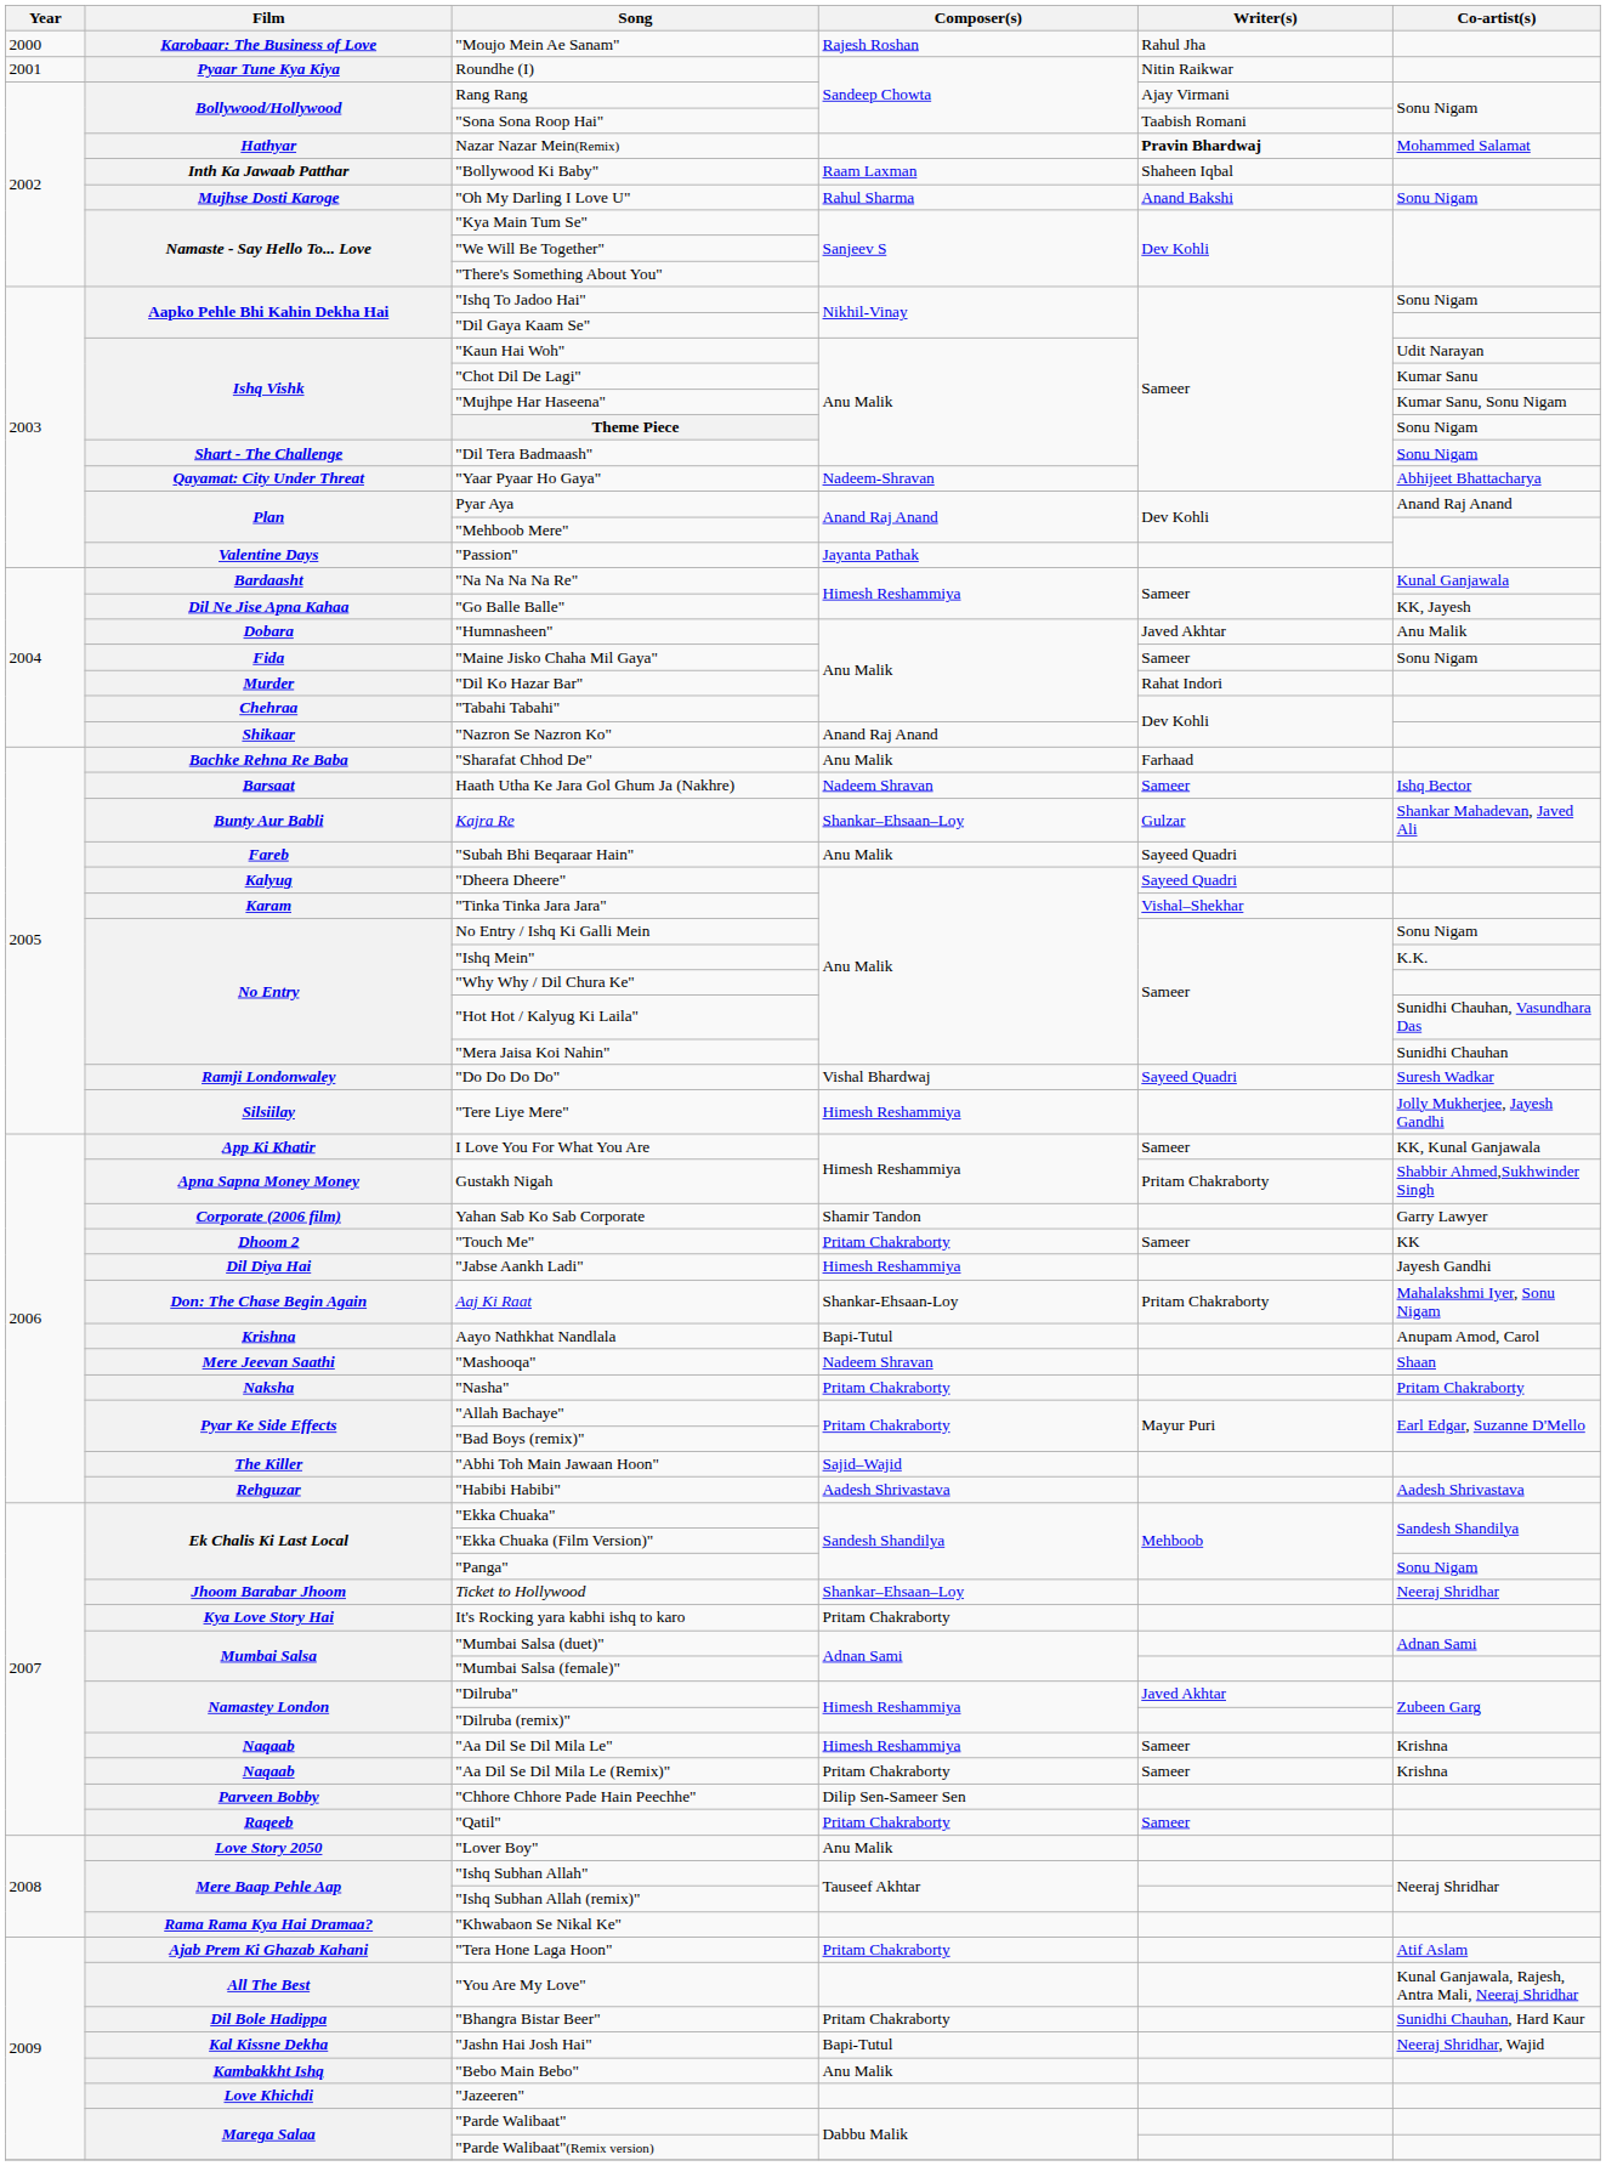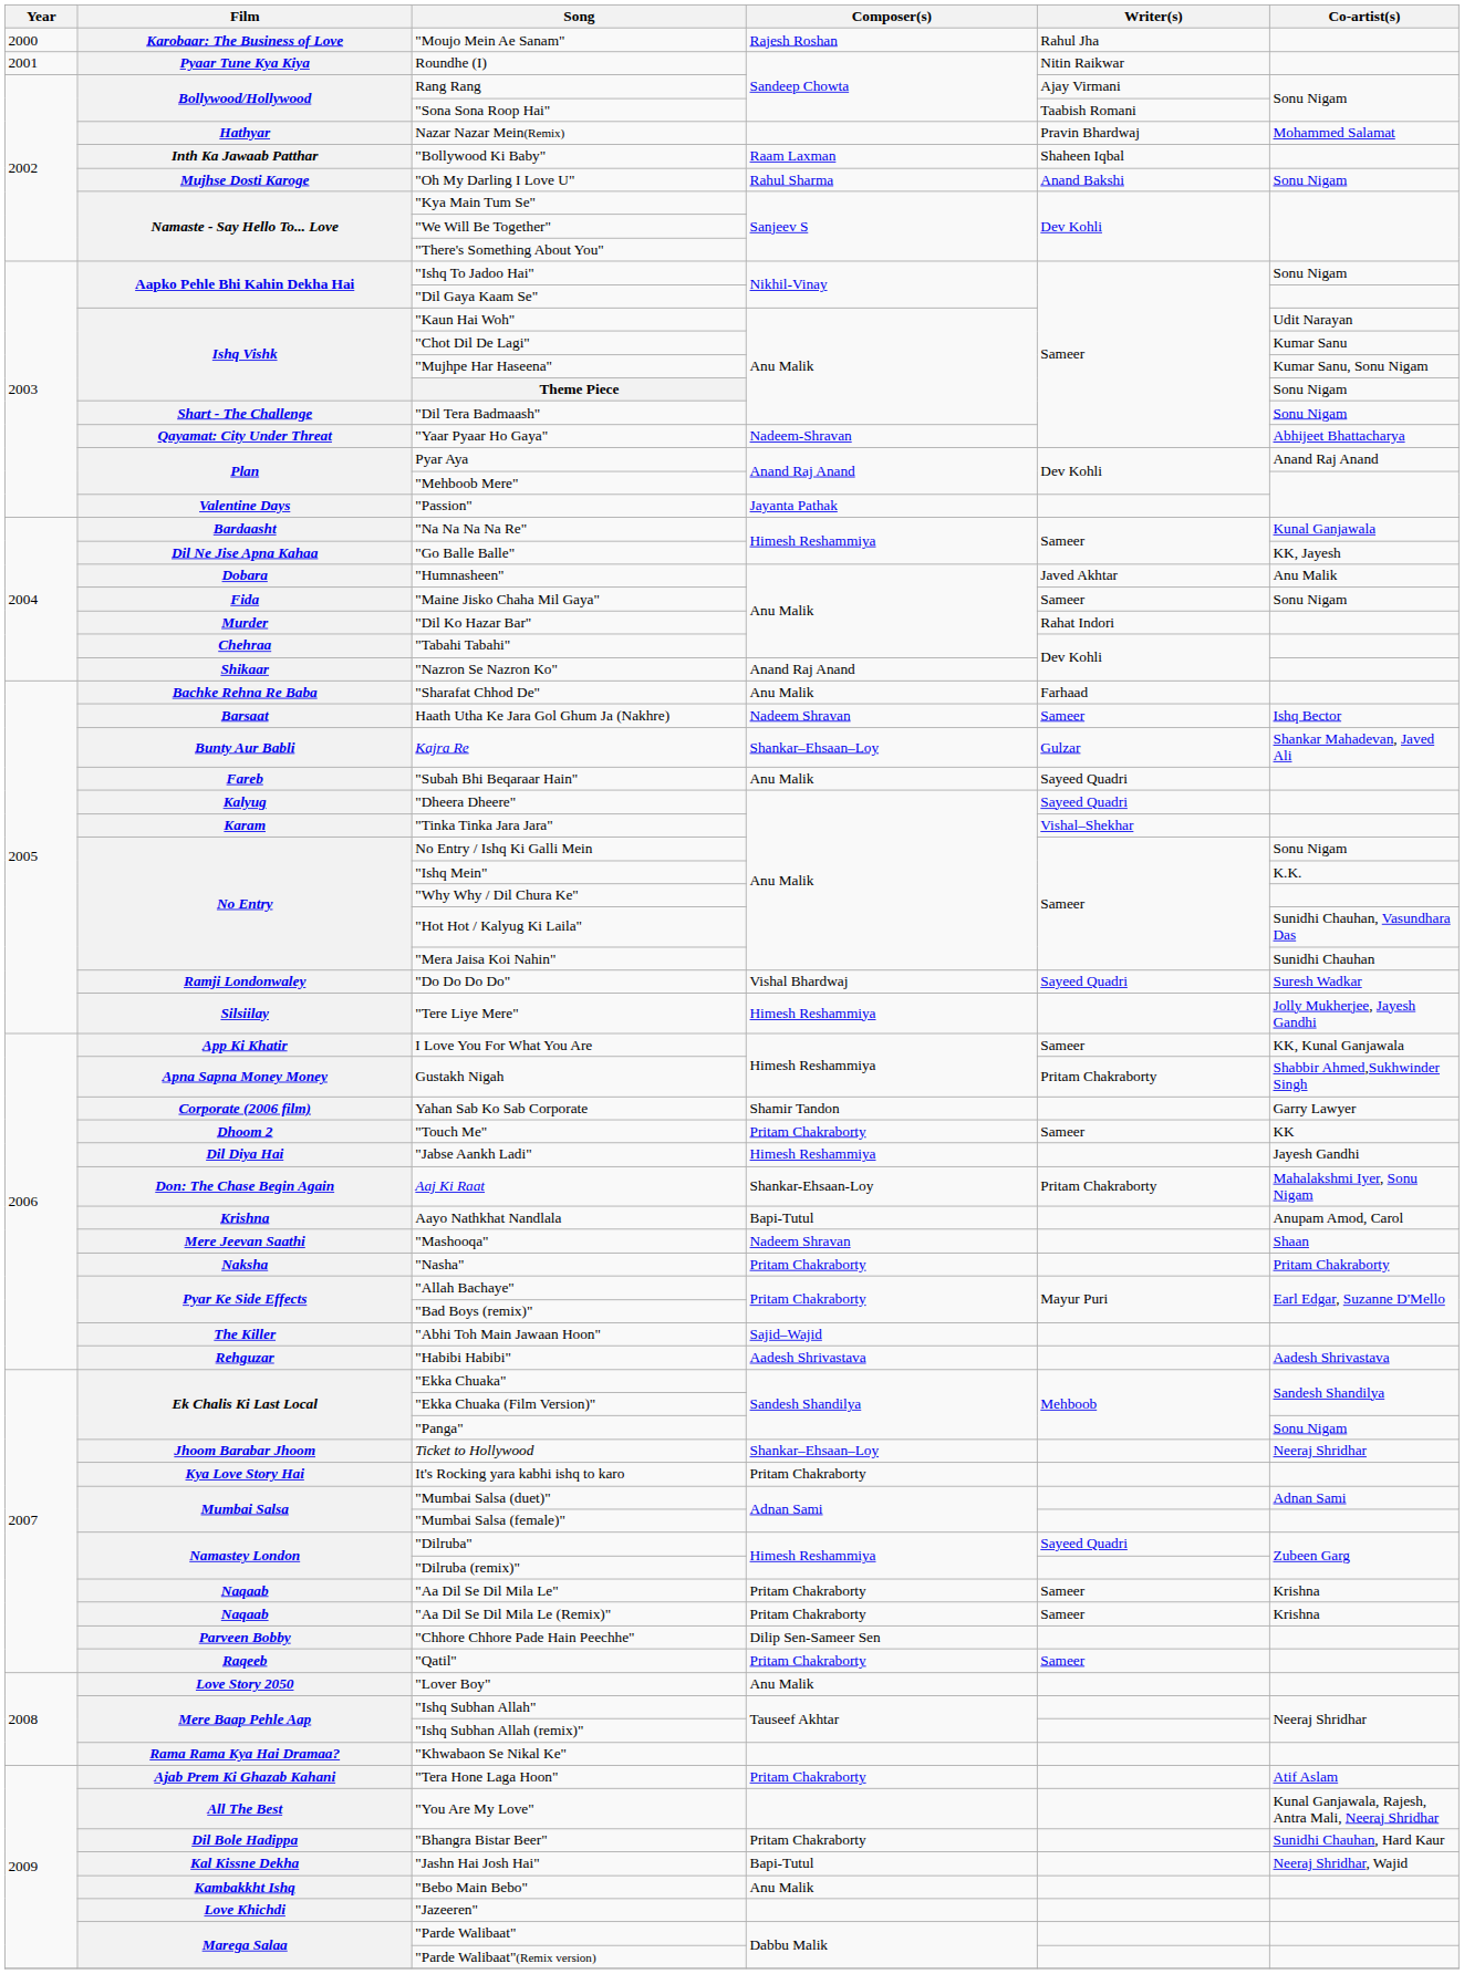 <table class="wikitable sortable mw-collapsible mw-collapsed plainrowheaders" width="100%" textcolor:#000;">
 <tr style="background:#b0e0e66;">
 <th scope="col" width=5%><strong>Year</strong></th>
 <th scope="col" width=23%><strong>Film</strong></th>
 <th scope="col" width=23%><strong>Song</strong></th>
 <th scope="col" width=20%><strong>Composer(s)</strong></th>
 <th scope="col" width=16%><strong>Writer(s)</strong></th>
 <th scope="col" width=18%><strong>Co-artist(s)</strong></th>
 </tr>
 <tr>
 <td>2000</td>
 <th scope="row"><em><a href='#'>Karobaar: The Business of Love</a></em></th>
 <td>"Moujo Mein Ae Sanam"</td>
 <td><a href='#'>Rajesh Roshan</a></td>
 <td>Rahul Jha</td>
 <td></td>
 </tr>
 <tr>
 <td>2001</td>
 <th scope="row"><em><a href='#'>Pyaar Tune Kya Kiya</a></em></th>
 <td>Roundhe (I)</td>
 <td rowspan="3"><a href='#'>Sandeep Chowta</a></td>
 <td>Nitin Raikwar</td>
 <td></td>
 </tr>
 <tr>
 <td rowspan="8">2002</td>
 <th scope="row" rowspan="2"><em><a href='#'>Bollywood/Hollywood</a></em></th>
 <td>Rang Rang</td>
 <td>Ajay Virmani</td>
 <td rowspan="2">Sonu Nigam</td>
 </tr>
 <tr>
 <td>"Sona Sona Roop Hai"</td>
 <td>Taabish Romani</td>
 </tr>
 <tr>
 <th scope="row"><em><a href='#'>Hathyar</a></em></th>
 <td>Nazar Nazar Mein<small>(Remix)</small></td>
 <td></td>
-<td><strong>Pravin Bhardwaj</strong></td>
+<td>Pravin Bhardwaj</td>
 <td><a href='#'>Mohammed Salamat</a></td>
 </tr>
 <tr>
 <th scope="row"><em>Inth Ka Jawaab Patthar</em></th>
 <td>"Bollywood Ki Baby"</td>
 <td><a href='#'>Raam Laxman</a></td>
 <td>Shaheen Iqbal</td>
 <td></td>
 </tr>
 <tr>
 <th scope="row"><em><a href='#'>Mujhse Dosti Karoge</a></em></th>
 <td>"Oh My Darling I Love U"</td>
 <td><a href='#'>Rahul Sharma</a></td>
 <td><a href='#'>Anand Bakshi</a></td>
 <td><a href='#'>Sonu Nigam</a></td>
 </tr>
 <tr>
 <th scope="row" rowspan="3"><em>Namaste - Say Hello To... Love</em></th>
 <td>"Kya Main Tum Se"</td>
 <td rowspan="3"><a href='#'>Sanjeev S</a></td>
 <td rowspan="3"><a href='#'>Dev Kohli</a></td>
 <td rowspan="3"></td>
 </tr>
 <tr>
 <td>"We Will Be Together"</td>
 </tr>
 <tr>
 <td>"There's Something About You"</td>
 </tr>
 <tr>
 <td rowspan="11">2003</td>
 <th rowspan="2" scope="row"><a href='#'>Aapko Pehle Bhi Kahin Dekha Hai</a></th>
 <td>"Ishq To Jadoo Hai"</td>
 <td rowspan="2"><a href='#'>Nikhil-Vinay</a></td>
 <td rowspan="8">Sameer</td>
 <td>Sonu Nigam</td>
 </tr>
 <tr>
 <td>"Dil Gaya Kaam Se"</td>
 <td></td>
 </tr>
 <tr>
 <th rowspan="4" scope="row"><em><a href='#'>Ishq Vishk</a></em></th>
 <td>"Kaun Hai Woh"</td>
 <td rowspan="5">Anu Malik</td>
 <td>Udit Narayan</td>
 </tr>
 <tr>
 <td>"Chot Dil De Lagi"</td>
 <td rowspan="1">Kumar  Sanu</td>
 </tr>
 <tr>
 <td>"Mujhpe Har Haseena"</td>
 <td rowspan="1">Kumar Sanu, Sonu Nigam</td>
 </tr>
 <tr>
 <th>Theme Piece</th>
 <td>Sonu Nigam</td>
 </tr>
 <tr>
 <th scope="row"><em><a href='#'>Shart - The Challenge</a></em></th>
 <td>"Dil Tera Badmaash"</td>
 <td><a href='#'>Sonu Nigam</a></td>
 </tr>
 <tr>
 <th scope="row" rowspan="1"><em><a href='#'>Qayamat: City Under Threat</a></em></th>
 <td>"Yaar Pyaar Ho Gaya"</td>
 <td><a href='#'>Nadeem-Shravan</a></td>
 <td rowspan="1"><a href='#'>Abhijeet Bhattacharya</a></td>
 </tr>
 <tr>
 <th rowspan="2" scope="row"><em><a href='#'>Plan</a></em></th>
 <td>Pyar Aya</td>
 <td rowspan="2"><a href='#'>Anand Raj Anand</a></td>
 <td rowspan="2">Dev Kohli</td>
 <td>Anand Raj Anand</td>
 </tr>
 <tr>
 <td>"Mehboob Mere"</td>
 <td rowspan="2"></td>
 </tr>
 <tr>
 <th rowspan="1" scope="row"><em><a href='#'>Valentine Days</a></em></th>
 <td>"Passion"</td>
 <td><a href='#'>Jayanta Pathak</a></td>
 <td></td>
 </tr>
 <tr>
 <td rowspan="7">2004</td>
 <th scope="row"><em><a href='#'>Bardaasht</a></em></th>
 <td>"Na Na Na Na Re"</td>
 <td rowspan="2"><a href='#'>Himesh Reshammiya</a></td>
 <td rowspan="2">Sameer</td>
 <td><a href='#'>Kunal Ganjawala</a></td>
 </tr>
 <tr>
 <th scope="row"><em><a href='#'>Dil Ne Jise Apna Kahaa</a></em></th>
 <td>"Go Balle Balle"</td>
 <td>KK, Jayesh</td>
 </tr>
 <tr>
 <th scope="row"><em><a href='#'>Dobara</a></em></th>
 <td>"Humnasheen"</td>
 <td rowspan="4">Anu Malik</td>
 <td>Javed Akhtar</td>
 <td>Anu Malik</td>
 </tr>
 <tr>
 <th scope="row"><em><a href='#'>Fida</a></em></th>
 <td>"Maine Jisko Chaha Mil Gaya"</td>
 <td>Sameer</td>
 <td>Sonu Nigam</td>
 </tr>
 <tr>
 <th scope="row"><em><a href='#'>Murder</a></em></th>
 <td>"Dil Ko Hazar Bar"</td>
 <td>Rahat Indori</td>
 <td></td>
 </tr>
 <tr>
 <th scope="row"><em><a href='#'>Chehraa</a></em></th>
 <td>"Tabahi Tabahi"</td>
 <td rowspan="2">Dev Kohli</td>
 <td></td>
 </tr>
 <tr>
 <th scope="row"><em><a href='#'>Shikaar</a></em></th>
 <td>"Nazron Se Nazron Ko"</td>
 <td>Anand Raj Anand</td>
 <td></td>
 </tr>
 <tr>
 <td rowspan="13">2005</td>
 <th scope="row"><em><a href='#'>Bachke Rehna Re Baba</a></em></th>
 <td>"Sharafat Chhod De"</td>
 <td>Anu Malik</td>
 <td>Farhaad</td>
 <td></td>
 </tr>
 <tr>
 <th scope="row"><em><a href='#'>Barsaat</a></em></th>
 <td>Haath Utha Ke Jara Gol Ghum Ja (Nakhre)</td>
 <td><a href='#'>Nadeem Shravan</a></td>
 <td><a href='#'>Sameer</a></td>
 <td><a href='#'>Ishq Bector</a></td>
 </tr>
 <tr>
 <th scope="row"><em><a href='#'>Bunty Aur Babli</a></em></th>
 <td><em><a href='#'>Kajra Re</a></em></td>
 <td><a href='#'>Shankar–Ehsaan–Loy</a></td>
 <td><a href='#'>Gulzar</a></td>
 <td><a href='#'>Shankar Mahadevan</a>, <a href='#'>Javed Ali</a></td>
 </tr>
 <tr>
 <th scope="row"><em><a href='#'>Fareb</a></em></th>
 <td>"Subah Bhi Beqaraar Hain"</td>
 <td>Anu Malik</td>
 <td>Sayeed Quadri</td>
 </tr>
 <tr>
 <th scope="row"><em><a href='#'>Kalyug</a></em></th>
 <td>"Dheera Dheere"</td>
 <td rowspan="7">Anu Malik</td>
 <td><a href='#'>Sayeed Quadri</a></td>
 <td></td>
 </tr>
 <tr>
 <th scope="row"><em><a href='#'>Karam</a></em></th>
 <td>"Tinka Tinka Jara Jara"</td>
 <td><a href='#'>Vishal–Shekhar</a></td>
 <td></td>
 </tr>
 <tr>
 <th scope="row" rowspan="5"><em><a href='#'>No Entry</a></em></th>
 <td>No Entry / Ishq Ki Galli Mein</td>
 <td rowspan="5">Sameer</td>
 <td>Sonu Nigam</td>
 </tr>
 <tr>
 <td>"Ishq Mein"</td>
 <td>K.K.</td>
 </tr>
 <tr>
 <td>"Why Why / Dil Chura Ke"</td>
 <td></td>
 </tr>
 <tr>
 <td>"Hot Hot / Kalyug Ki Laila"</td>
 <td>Sunidhi Chauhan, <a href='#'>Vasundhara Das</a></td>
 </tr>
 <tr>
 <td>"Mera Jaisa Koi Nahin"</td>
 <td rowspan="1">Sunidhi Chauhan</td>
 </tr>
 <tr>
 <th scope="row"><em><a href='#'>Ramji Londonwaley</a></em></th>
 <td>"Do Do Do Do"</td>
 <td>Vishal Bhardwaj</td>
 <td><a href='#'>Sayeed Quadri</a></td>
 <td><a href='#'>Suresh Wadkar</a></td>
 </tr>
 <tr>
 <th scope="row"><em><a href='#'>Silsiilay</a></em></th>
 <td>"Tere Liye Mere"</td>
 <td><a href='#'>Himesh Reshammiya</a></td>
 <td></td>
 <td><a href='#'>Jolly Mukherjee</a>, <a href='#'>Jayesh Gandhi</a></td>
 </tr>
 <tr>
 <td rowspan="13">2006</td>
 <th scope="row"><em><a href='#'>App Ki Khatir</a></em></th>
 <td>I Love You For What You Are</td>
 <td rowspan="2">Himesh Reshammiya</td>
 <td>Sameer</td>
 <td>KK, Kunal Ganjawala</td>
 </tr>
 <tr>
 <th scope="row"><em><a href='#'>Apna Sapna Money Money</a></em></th>
 <td>Gustakh Nigah</td>
 <td>Pritam Chakraborty</td>
 <td><a href='#'>Shabbir Ahmed</a>,<a href='#'>Sukhwinder Singh</a></td>
 </tr>
 <tr>
 <th scope="row"><em><a href='#'>Corporate (2006 film)</a></em></th>
 <td>Yahan Sab Ko Sab Corporate</td>
 <td>Shamir Tandon</td>
 <td></td>
 <td>Garry Lawyer</td>
 </tr>
 <tr>
 <th scope="row"><em><a href='#'>Dhoom 2</a></em></th>
 <td>"Touch Me"</td>
 <td><a href='#'>Pritam Chakraborty</a></td>
 <td>Sameer</td>
 <td>KK</td>
 </tr>
 <tr>
 <th scope="row"><em><a href='#'>Dil Diya Hai</a></em></th>
 <td>"Jabse Aankh Ladi"</td>
 <td><a href='#'>Himesh Reshammiya</a></td>
 <td></td>
 <td>Jayesh Gandhi</td>
 </tr>
 <tr>
 <th scope="row"><em><a href='#'>Don: The Chase Begin Again</a></em></th>
 <td><em><a href='#'>Aaj Ki Raat</a></em></td>
 <td>Shankar-Ehsaan-Loy</td>
 <td>Pritam Chakraborty</td>
 <td><a href='#'>Mahalakshmi Iyer</a>, <a href='#'>Sonu Nigam</a></td>
 </tr>
 <tr>
 <th scope="row"><em><a href='#'>Krishna</a></em></th>
 <td>Aayo Nathkhat Nandlala</td>
 <td>Bapi-Tutul</td>
 <td></td>
 <td>Anupam Amod, Carol</td>
 </tr>
 <tr>
 <th scope="row"><em><a href='#'>Mere Jeevan Saathi</a></em></th>
 <td>"Mashooqa"</td>
 <td><a href='#'>Nadeem Shravan</a></td>
 <td></td>
 <td><a href='#'>Shaan</a></td>
 </tr>
 <tr>
 <th scope="row"><em><a href='#'>Naksha</a></em></th>
 <td>"Nasha"</td>
 <td><a href='#'>Pritam Chakraborty</a></td>
 <td></td>
 <td><a href='#'>Pritam Chakraborty</a></td>
 </tr>
 <tr>
 <th scope="row" rowspan=2><em><a href='#'>Pyar Ke Side Effects</a></em></th>
 <td>"Allah Bachaye"</td>
 <td rowspan=2><a href='#'>Pritam Chakraborty</a></td>
 <td rowspan="2">Mayur Puri</td>
 <td rowspan=2><a href='#'>Earl Edgar</a>, <a href='#'>Suzanne D'Mello</a></td>
 </tr>
 <tr>
 <td>"Bad Boys (remix)"</td>
 </tr>
 <tr>
 <th scope="row"><em><a href='#'>The Killer</a></em></th>
 <td>"Abhi Toh Main Jawaan Hoon"</td>
 <td rowspan=1><a href='#'>Sajid–Wajid</a></td>
 <td></td>
 <td></td>
 </tr>
 <tr>
 <th scope="row"><em><a href='#'>Rehguzar</a></em></th>
 <td>"Habibi Habibi"</td>
 <td><a href='#'>Aadesh Shrivastava</a></td>
 <td></td>
 <td><a href='#'>Aadesh Shrivastava</a></td>
 </tr>
 <tr>
 <td rowspan="13">2007</td>
 <th scope="row" rowspan=3><em>Ek Chalis Ki Last Local</em></th>
 <td>"Ekka Chuaka"</td>
 <td rowspan="3"><a href='#'>Sandesh Shandilya</a></td>
 <td rowspan="3" rowapan="3"><a href='#'>Mehboob</a></td>
 <td rowspan="2"><a href='#'>Sandesh Shandilya</a></td>
 </tr>
 <tr>
 <td>"Ekka Chuaka (Film Version)"</td>
 </tr>
 <tr>
 <td>"Panga"</td>
 <td><a href='#'>Sonu Nigam</a></td>
 </tr>
 <tr>
 <th scope="row"><em><a href='#'>Jhoom Barabar Jhoom</a></em></th>
 <td><em>Ticket to Hollywood</em></td>
 <td><a href='#'>Shankar–Ehsaan–Loy</a></td>
 <td></td>
 <td><a href='#'>Neeraj Shridhar</a></td>
 </tr>
 <tr>
 <th scope="row"><em><a href='#'>Kya Love Story Hai</a></em></th>
 <td>It's Rocking yara kabhi ishq to karo</td>
 <td>Pritam Chakraborty</td>
 <td></td>
 <td></td>
 </tr>
 <tr>
 <th scope="row" rowspan=2><em><a href='#'>Mumbai Salsa</a></em></th>
 <td>"Mumbai Salsa (duet)"</td>
 <td rowspan=2><a href='#'>Adnan Sami</a></td>
 <td></td>
 <td><a href='#'>Adnan Sami</a></td>
 </tr>
 <tr>
 <td>"Mumbai Salsa (female)"</td>
 <td></td>
 <td></td>
 </tr>
 <tr>
 <th scope="row" rowspan=2><em><a href='#'>Namastey London</a></em></th>
 <td>"Dilruba"</td>
 <td rowspan=2><a href='#'>Himesh Reshammiya</a></td>
-<td rowapan=2><a href='#'>Javed Akhtar</a></td>
+<td><a href='#'>Sayeed Quadri</a></td>
 <td rowspan=2><a href='#'>Zubeen Garg</a></td>
 </tr>
 <tr>
 <td>"Dilruba (remix)"</td>
 </tr>
 <tr>
 <th scope="row"><em><a href='#'>Naqaab</a></em></th>
 <td>"Aa Dil Se Dil Mila Le"</td>
-<td><a href='#'>Himesh Reshammiya</a></td>
+<td>Pritam Chakraborty</td>
 <td>Sameer</td>
 <td>Krishna</td>
 </tr>
 <tr>
 <th scope="row"><em><a href='#'>Naqaab</a></em></th>
 <td>"Aa Dil Se Dil Mila Le (Remix)"</td>
 <td>Pritam Chakraborty</td>
 <td>Sameer</td>
 <td>Krishna</td>
 </tr>
 <tr>
 <th scope="row"><em><a href='#'>Parveen Bobby</a></em></th>
 <td>"Chhore Chhore Pade Hain Peechhe"</td>
 <td>Dilip Sen-Sameer Sen</td>
 <td></td>
 <td></td>
 </tr>
 <tr>
 <th scope="row"><em><a href='#'>Raqeeb</a></em></th>
 <td>"Qatil"</td>
 <td><a href='#'>Pritam Chakraborty</a></td>
 <td><a href='#'>Sameer</a></td>
 <td></td>
 </tr>
 <tr>
 <td rowspan=4>2008</td>
 <th scope="row"><em><a href='#'>Love Story 2050</a></em></th>
 <td>"Lover Boy"</td>
 <td>Anu Malik</td>
 <td></td>
 <td></td>
 </tr>
 <tr>
 <th scope="row" rowspan=2><em><a href='#'>Mere Baap Pehle Aap</a></em></th>
 <td>"Ishq Subhan Allah"</td>
 <td rowspan=2>Tauseef Akhtar</td>
 <td></td>
 <td rowspan=2>Neeraj Shridhar</td>
 </tr>
 <tr>
 <td>"Ishq Subhan Allah (remix)"</td>
 </tr>
 <tr>
 <th scope="row"><em><a href='#'>Rama Rama Kya Hai Dramaa?</a></em></th>
 <td>"Khwabaon Se Nikal Ke"</td>
 <td></td>
 <td></td>
 <td></td>
 </tr>
 <tr>
 <td rowspan="8">2009</td>
 <th scope="row"><em><a href='#'>Ajab Prem Ki Ghazab Kahani</a></em></th>
 <td>"Tera Hone Laga Hoon"</td>
 <td><a href='#'>Pritam Chakraborty</a></td>
 <td></td>
 <td><a href='#'>Atif Aslam</a></td>
 </tr>
 <tr>
 <th scope="row"><em><a href='#'>All The Best</a></em></th>
 <td>"You Are My Love"</td>
 <td></td>
 <td></td>
 <td>Kunal Ganjawala, Rajesh, Antra Mali, <a href='#'>Neeraj Shridhar</a></td>
 </tr>
 <tr>
 <th scope="row"><em><a href='#'>Dil Bole Hadippa</a></em></th>
 <td>"Bhangra Bistar Beer"</td>
 <td>Pritam Chakraborty</td>
 <td></td>
 <td><a href='#'>Sunidhi Chauhan</a>, Hard Kaur</td>
 </tr>
 <tr>
 <th scope="row"><em><a href='#'>Kal Kissne Dekha</a></em></th>
 <td>"Jashn Hai Josh Hai"</td>
 <td>Bapi-Tutul</td>
 <td></td>
 <td><a href='#'>Neeraj Shridhar</a>, Wajid</td>
 </tr>
 <tr>
 <th scope="row"><em><a href='#'>Kambakkht Ishq</a></em></th>
 <td>"Bebo Main Bebo"</td>
 <td>Anu Malik</td>
 <td></td>
 <td></td>
 </tr>
 <tr>
 <th scope="row"><em><a href='#'>Love Khichdi</a></em></th>
 <td>"Jazeeren"</td>
 <td></td>
 <td></td>
 <td></td>
 </tr>
 <tr>
 <th rowspan="2" scope="row"><em><a href='#'>Marega Salaa</a></em></th>
 <td>"Parde Walibaat"</td>
 <td rowspan="2">Dabbu Malik</td>
 <td></td>
 <td></td>
 </tr>
 <tr>
 <td>"Parde Walibaat"<small>(Remix version)</small></td>
 <td></td>
 <td></td>
 </tr>
 <tr>
 </tr>
 </table>
